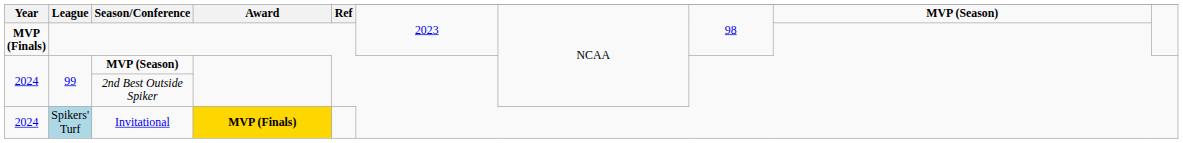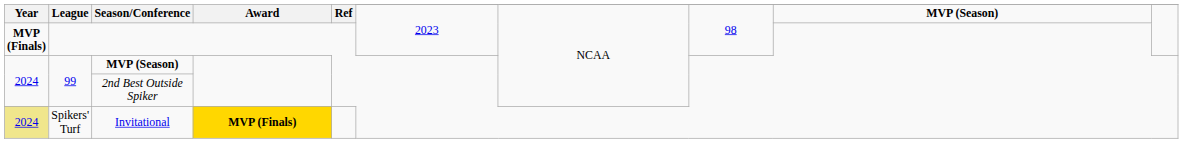 <table class="wikitable sortable" style="text-align:center" width="80%">
 <tr>
 <th style="width:5px;" rowspan="2">Year</th>
 <th style="width:25px;" rowspan="2">League</th>
 <th style="width:100px;" rowspan="2">Season/Conference</th>
 <th style="width:180px;" rowspan="2">Award</th>
 <th style="width:25px;" rowspan="2">Ref</th>
 </tr>
 <tr align=center>
 <td rowspan=2><a href='#'>2023</a></td>
 <td rowspan=4>NCAA</td>
 <td rowspan=2><a href='#'>98</a></td>
 <td><strong>MVP (Season)</strong></td>
 <td rowspan=2><br></td>
 </tr>
 <tr align=center>
 <td><strong>MVP (Finals)</strong></td>
 </tr>
 <tr align=center>
 <td rowspan=2><a href='#'>2024</a></td>
 <td rowspan=2><a href='#'>99</a></td>
 <td><strong>MVP (Season)</strong></td>
 <td rowspan=2></td>
 </tr>
 <tr align=center>
 <td><em>2nd Best Outside Spiker</em></td>
 </tr>
 <tr align=center>
-<td><a href='#'>2024</a></td>
-<td style="background: lightblue;">Spikers' Turf</td>
+<td style="background: khaki;"><a href='#'>2024</a></td>
+<td>Spikers' Turf</td>
 <td><a href='#'>Invitational</a></td>
 <td style="background: gold;"><strong>MVP (Finals)</strong></td>
 <td></td>
 </tr>
 </table>
